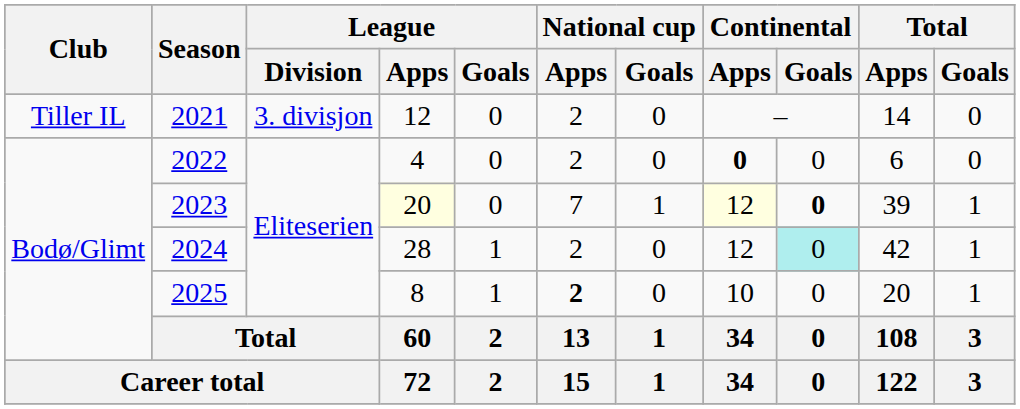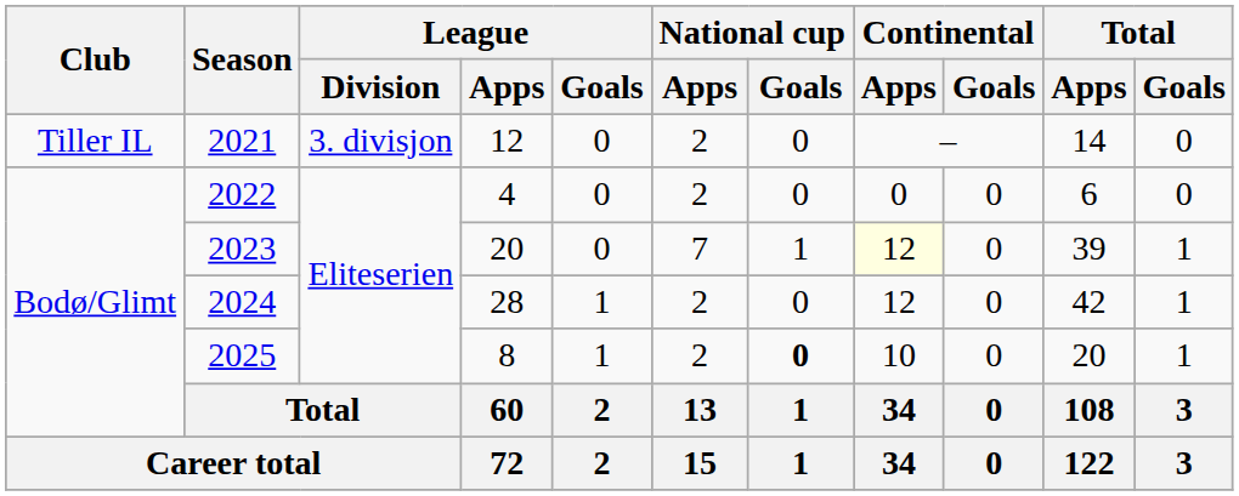 <table class="wikitable" style="text-align:center">
 <tr>
 <th rowspan="2">Club</th>
 <th rowspan="2">Season</th>
 <th colspan="3">League</th>
 <th colspan="2">National cup</th>
 <th colspan="2">Continental</th>
 <th colspan="2">Total</th>
 </tr>
 <tr>
 <th>Division</th>
 <th>Apps</th>
 <th>Goals</th>
 <th>Apps</th>
 <th>Goals</th>
 <th>Apps</th>
 <th>Goals</th>
 <th>Apps</th>
 <th>Goals</th>
 </tr>
 <tr>
 <td><a href='#'>Tiller IL</a></td>
 <td><a href='#'>2021</a></td>
 <td><a href='#'>3. divisjon</a></td>
 <td>12</td>
 <td>0</td>
 <td>2</td>
 <td>0</td>
 <td colspan="2">–</td>
 <td>14</td>
 <td>0</td>
 </tr>
 <tr>
 <td rowspan="5"><a href='#'>Bodø/Glimt</a></td>
 <td><a href='#'>2022</a></td>
 <td rowspan="4"><a href='#'>Eliteserien</a></td>
 <td>4</td>
 <td>0</td>
 <td>2</td>
 <td>0</td>
-<td><strong>0</strong></td>
+<td>0</td>
 <td>0</td>
 <td>6</td>
 <td>0</td>
 </tr>
 <tr>
 <td><a href='#'>2023</a></td>
-<td style="background: lightyellow;">20</td>
+<td>20</td>
 <td>0</td>
 <td>7</td>
 <td>1</td>
 <td style="background: lightyellow;">12</td>
-<td><strong>0</strong></td>
+<td>0</td>
 <td>39</td>
 <td>1</td>
 </tr>
 <tr>
 <td><a href='#'>2024</a></td>
 <td>28</td>
 <td>1</td>
 <td>2</td>
 <td>0</td>
 <td>12</td>
-<td style="background: paleturquoise;">0</td>
+<td>0</td>
 <td>42</td>
 <td>1</td>
 </tr>
 <tr>
 <td><a href='#'>2025</a></td>
 <td>8</td>
 <td>1</td>
-<td><strong>2</strong></td>
-<td>0</td>
+<td>2</td>
+<td><strong>0</strong></td>
 <td>10</td>
 <td>0</td>
 <td>20</td>
 <td>1</td>
 </tr>
 <tr>
 <th colspan="2">Total</th>
 <th>60</th>
 <th>2</th>
 <th>13</th>
 <th>1</th>
 <th>34</th>
 <th>0</th>
 <th>108</th>
 <th>3</th>
 </tr>
 <tr>
 <th colspan="3">Career total</th>
 <th>72</th>
 <th>2</th>
 <th>15</th>
 <th>1</th>
 <th>34</th>
 <th>0</th>
 <th>122</th>
 <th>3</th>
 </tr>
 </table>
